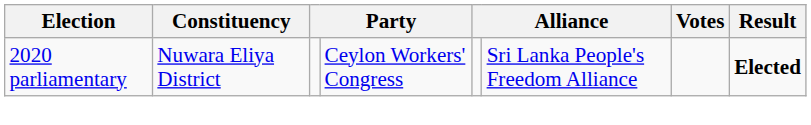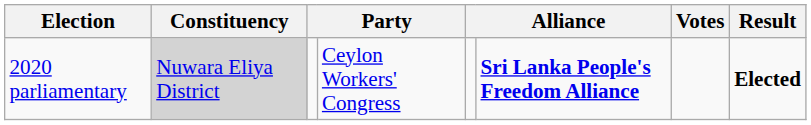 <table class="wikitable" style="text-align:left;">
 <tr>
 <th scope=col>Election</th>
 <th scope=col>Constituency</th>
 <th scope=col colspan="2">Party</th>
 <th scope=col colspan="2">Alliance</th>
 <th scope=col>Votes</th>
 <th scope=col>Result</th>
 </tr>
 <tr>
 <td><a href='#'>2020 parliamentary</a></td>
-<td><a href='#'>Nuwara Eliya District</a></td>
+<td style="background: lightgrey;"><a href='#'>Nuwara Eliya District</a></td>
 <td style="background:"></td>
 <td><a href='#'>Ceylon Workers' Congress</a></td>
 <td style="background:"></td>
-<td><a href='#'>Sri Lanka People's Freedom Alliance</a></td>
+<td><strong><a href='#'>Sri Lanka People's Freedom Alliance</a></strong></td>
 <td align=right></td>
 <td><strong>Elected</strong></td>
 </tr>
 </table>
